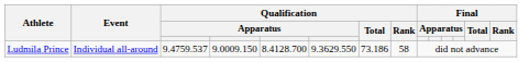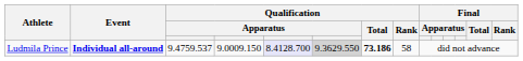 <table class="wikitable" style="font-size:90%">
 <tr>
 <th rowspan=3>Athlete</th>
 <th rowspan=3>Event</th>
 <th colspan =6>Qualification</th>
 <th colspan =6>Final</th>
 </tr>
 <tr style="font-size:95%">
 <th colspan=4>Apparatus</th>
 <th rowspan=2>Total</th>
 <th rowspan=2>Rank</th>
 <th colspan=4>Apparatus</th>
 <th rowspan=2>Total</th>
 <th rowspan=2>Rank</th>
 </tr>
 <tr style="font-size:95%">
 <th></th>
 <th></th>
 <th></th>
 <th></th>
 <th></th>
 <th></th>
 <th></th>
 <th></th>
 </tr>
 <tr align=center>
 <td align=left><a href='#'>Ludmila Prince</a></td>
-<td align=left><a href='#'>Individual all-around</a></td>
+<td align=left><strong><a href='#'>Individual all-around</a></strong></td>
 <td>9.4759.537</td>
 <td>9.0009.150</td>
-<td>8.4128.700</td>
-<td>9.3629.550</td>
-<td>73.186</td>
+<td style="background: lavender;">8.4128.700</td>
+<td style="background: lightgrey;">9.3629.550</td>
+<td><strong>73.186</strong></td>
 <td>58</td>
 <td align=center colspan=6>did not advance</td>
 </tr>
 </table>
